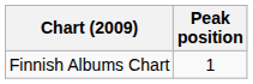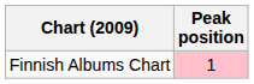 <table class="wikitable">
 <tr>
 <th>Chart (2009)</th>
 <th>Peak<br>position</th>
 </tr>
 <tr>
 <td>Finnish Albums Chart</td>
-<td align="center">1</td>
+<td align="center" style="background: pink;">1</td>
 </tr>
 </table>
